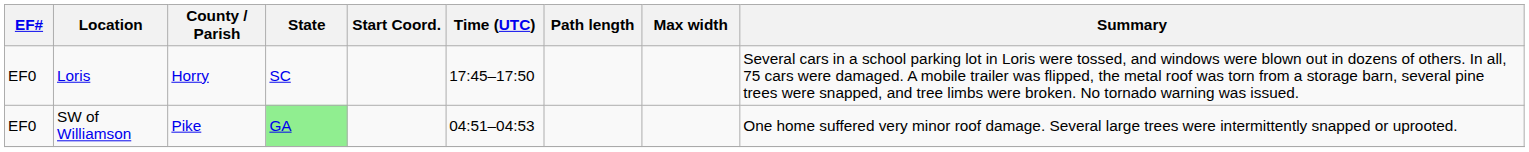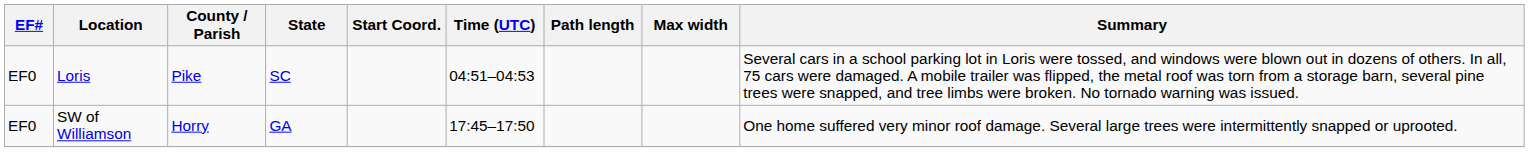 <table class="wikitable sortable" style="width:100%;">
 <tr>
 <th scope="col"  style="width:3%; text-align:center;"><a href='#'>EF#</a></th>
 <th scope="col"  style="width:7%; text-align:center;" class="unsortable">Location</th>
 <th scope="col"  style="width:6%; text-align:center;" class="unsortable">County / Parish</th>
 <th scope="col"  style="width:5%; text-align:center;">State</th>
 <th scope="col"  style="width:6%; text-align:center;">Start Coord.</th>
 <th scope="col"  style="width:6%; text-align:center;">Time (<a href='#'>UTC</a>)</th>
 <th scope="col"  style="width:6%; text-align:center;">Path length</th>
 <th scope="col"  style="width:6%; text-align:center;">Max width</th>
 <th scope="col" class="unsortable" style="width:48%; text-align:center;">Summary</th>
 </tr>
 <tr>
 <td>EF0</td>
 <td><a href='#'>Loris</a></td>
-<td><a href='#'>Horry</a></td>
+<td><a href='#'>Pike</a></td>
 <td><a href='#'>SC</a></td>
 <td></td>
-<td>17:45–17:50</td>
+<td>04:51–04:53</td>
 <td></td>
 <td></td>
 <td>Several cars in a school parking lot in Loris were tossed, and windows were blown out in dozens of others. In all, 75 cars were damaged. A mobile trailer was flipped, the metal roof was torn from a storage barn, several pine trees were snapped, and tree limbs were broken. No tornado warning was issued.</td>
 </tr>
 <tr>
 <td>EF0</td>
 <td>SW of <a href='#'>Williamson</a></td>
-<td><a href='#'>Pike</a></td>
-<td style="background: lightgreen;"><a href='#'>GA</a></td>
+<td><a href='#'>Horry</a></td>
+<td><a href='#'>GA</a></td>
 <td></td>
-<td>04:51–04:53</td>
+<td>17:45–17:50</td>
 <td></td>
 <td></td>
 <td>One home suffered very minor roof damage. Several large trees were intermittently snapped or uprooted.</td>
 </tr>
 <tr>
 </tr>
 </table>
